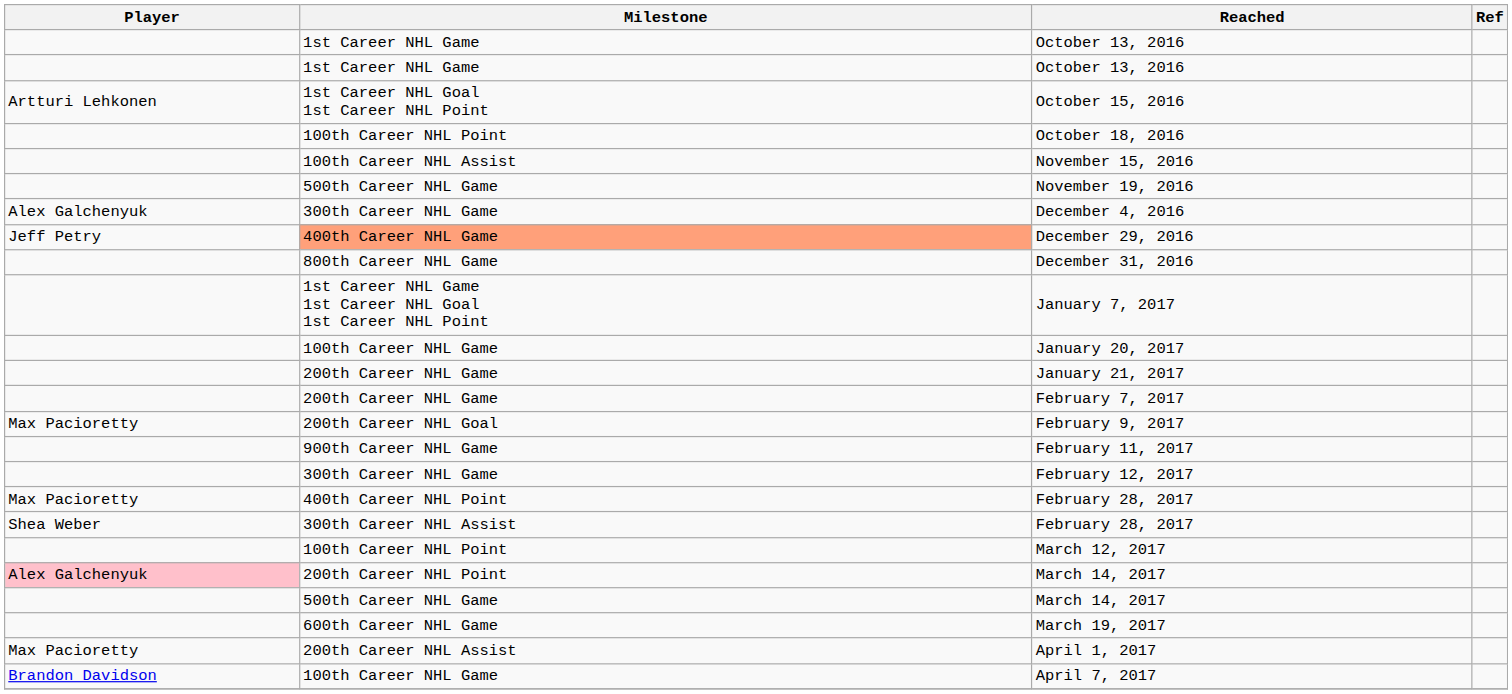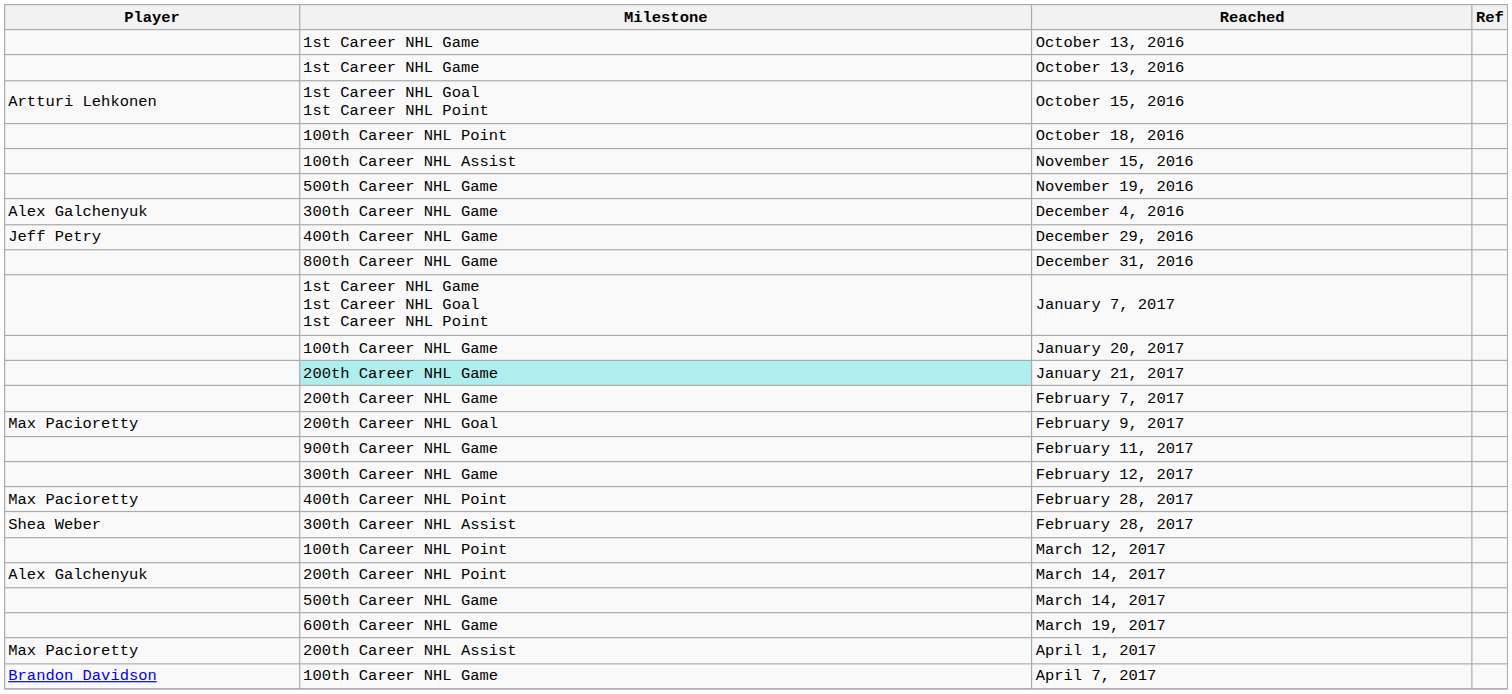 <table class="wikitable sortable" style="width:100%;">
 <tr align=center>
 <th style="width:20%;">Player</th>
 <th style="width:50%;">Milestone</th>
 <th style="width:30%;" data-sort-type="date">Reached</th>
 <th style="width:20%;">Ref</th>
 </tr>
 <tr>
 <td></td>
 <td>1st Career NHL Game</td>
 <td>October 13, 2016</td>
 <td></td>
 </tr>
 <tr>
 <td></td>
 <td>1st Career NHL Game</td>
 <td>October 13, 2016</td>
 <td></td>
 </tr>
 <tr>
 <td>Artturi Lehkonen</td>
 <td>1st Career NHL Goal<br>1st Career NHL Point</td>
 <td>October 15, 2016</td>
 <td></td>
 </tr>
 <tr>
 <td></td>
 <td>100th Career NHL Point</td>
 <td>October 18, 2016</td>
 <td></td>
 </tr>
 <tr>
 <td></td>
 <td>100th Career NHL Assist</td>
 <td>November 15, 2016</td>
 <td></td>
 </tr>
 <tr>
 <td></td>
 <td>500th Career NHL Game</td>
 <td>November 19, 2016</td>
 <td></td>
 </tr>
 <tr>
 <td>Alex Galchenyuk</td>
 <td>300th Career NHL Game</td>
 <td>December 4, 2016</td>
 <td></td>
 </tr>
 <tr>
 <td>Jeff Petry</td>
-<td style="background: lightsalmon;">400th Career NHL Game</td>
+<td>400th Career NHL Game</td>
 <td>December 29, 2016</td>
 <td></td>
 </tr>
 <tr>
 <td></td>
 <td>800th Career NHL Game</td>
 <td>December 31, 2016</td>
 <td></td>
 </tr>
 <tr>
 <td></td>
 <td>1st Career NHL Game<br>1st Career NHL Goal<br>1st Career NHL Point</td>
 <td>January 7, 2017</td>
 <td></td>
 </tr>
 <tr>
 <td></td>
 <td>100th Career NHL Game</td>
 <td>January 20, 2017</td>
 <td></td>
 </tr>
 <tr>
 <td></td>
-<td>200th Career NHL Game</td>
+<td style="background: paleturquoise;">200th Career NHL Game</td>
 <td>January 21, 2017</td>
 <td></td>
 </tr>
 <tr>
 <td></td>
 <td>200th Career NHL Game</td>
 <td>February 7, 2017</td>
 <td></td>
 </tr>
 <tr>
 <td>Max Pacioretty</td>
 <td>200th Career NHL Goal</td>
 <td>February 9, 2017</td>
 <td></td>
 </tr>
 <tr>
 <td></td>
 <td>900th Career NHL Game</td>
 <td>February 11, 2017</td>
 <td></td>
 </tr>
 <tr>
 <td></td>
 <td>300th Career NHL Game</td>
 <td>February 12, 2017</td>
 <td></td>
 </tr>
 <tr>
 <td>Max Pacioretty</td>
 <td>400th Career NHL Point</td>
 <td>February 28, 2017</td>
 <td></td>
 </tr>
 <tr>
 <td>Shea Weber</td>
 <td>300th Career NHL Assist</td>
 <td>February 28, 2017</td>
 <td></td>
 </tr>
 <tr>
 <td></td>
 <td>100th Career NHL Point</td>
 <td>March 12, 2017</td>
 <td></td>
 </tr>
 <tr>
-<td style="background: pink;">Alex Galchenyuk</td>
+<td>Alex Galchenyuk</td>
 <td>200th Career NHL Point</td>
 <td>March 14, 2017</td>
 <td></td>
 </tr>
 <tr>
 <td></td>
 <td>500th Career NHL Game</td>
 <td>March 14, 2017</td>
 <td></td>
 </tr>
 <tr>
 <td></td>
 <td>600th Career NHL Game</td>
 <td>March 19, 2017</td>
 <td></td>
 </tr>
 <tr>
 <td>Max Pacioretty</td>
 <td>200th Career NHL Assist</td>
 <td>April 1, 2017</td>
 <td></td>
 </tr>
 <tr>
 <td><a href='#'>Brandon Davidson</a></td>
 <td>100th Career NHL Game</td>
 <td>April 7, 2017</td>
 <td></td>
 </tr>
 <tr>
 </tr>
 </table>
